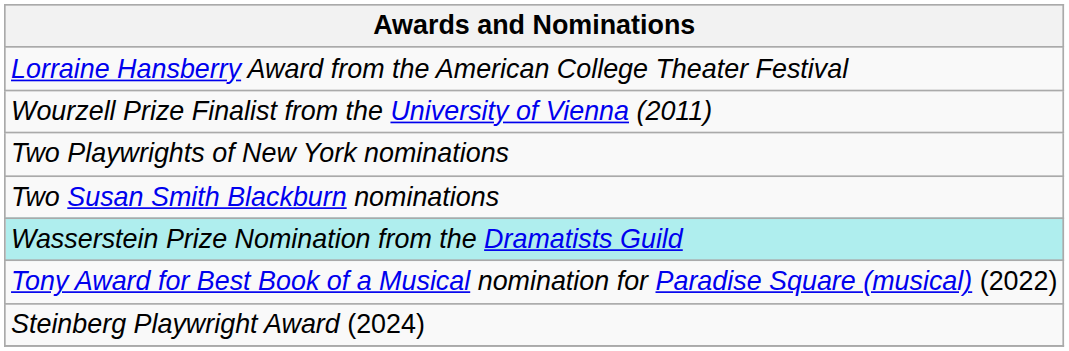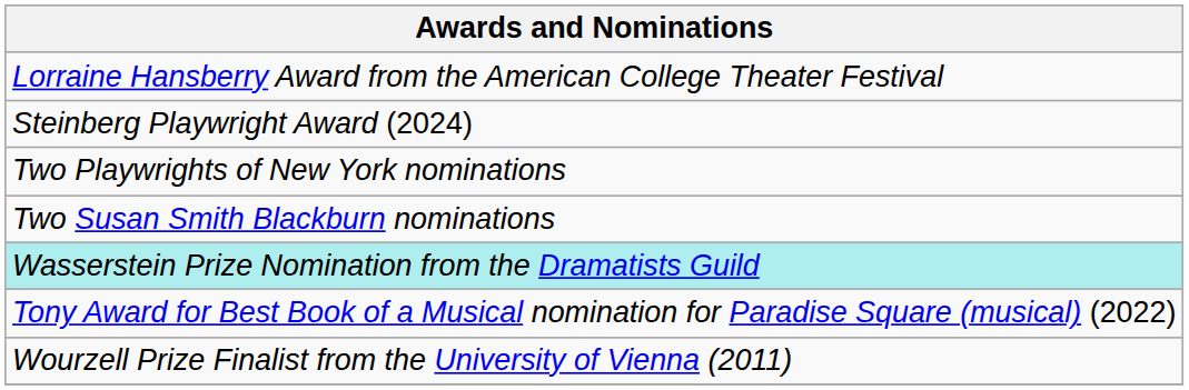 <table class="wikitable sortable">
 <tr>
 <th>Awards and Nominations</th>
 </tr>
 <tr>
 <td><em><a href='#'>Lorraine Hansberry</a> Award from the American College Theater Festival</em></td>
 </tr>
 <tr>
-<td><em>Wourzell Prize Finalist from the <a href='#'>University of Vienna</a> (2011)</em></td>
+<td><em>Steinberg Playwright Award</em> (2024)</td>
 </tr>
 <tr>
 <td><em>Two Playwrights of New York nominations</em></td>
 </tr>
 <tr>
 <td><em>Two <a href='#'>Susan Smith Blackburn</a> nominations</em></td>
 </tr>
 <tr>
 <td style="background: paleturquoise;"><em>Wasserstein Prize Nomination from the <a href='#'>Dramatists Guild</a></em></td>
 </tr>
 <tr>
 <td><em><a href='#'>Tony Award for Best Book of a Musical</a> nomination for <a href='#'>Paradise Square (musical)</a></em> (2022)</td>
 </tr>
 <tr>
-<td><em>Steinberg Playwright Award</em> (2024)</td>
+<td><em>Wourzell Prize Finalist from the <a href='#'>University of Vienna</a> (2011)</em></td>
 </tr>
 <tr>
 </tr>
 </table>
